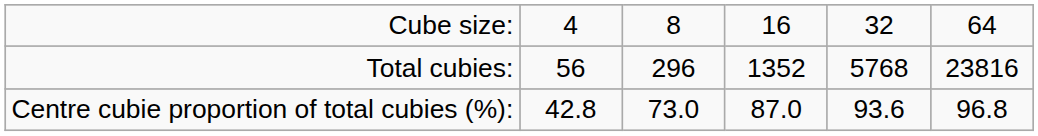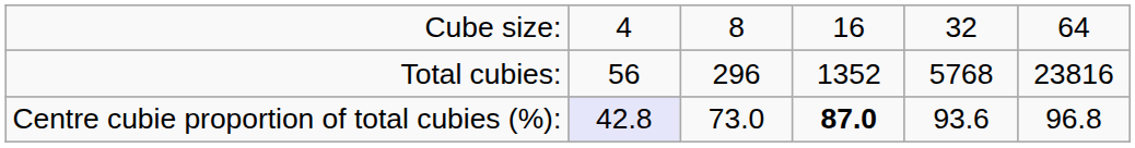 <table class="wikitable" style="margin-left:1em; text-align:center;">
 <tr>
 <td style="text-align:right">Cube size:</td>
 <td width="10%">4</td>
 <td width="10%">8</td>
 <td width="10%">16</td>
 <td width="10%">32</td>
 <td width="10%">64</td>
 </tr>
 <tr>
 <td style="text-align:right">Total cubies:</td>
 <td width="10%">56</td>
 <td width="10%">296</td>
 <td width="10%">1352</td>
 <td width="10%">5768</td>
 <td width="10%">23816</td>
 </tr>
 <tr>
 <td style="text-align:right">Centre cubie proportion of total cubies (%):</td>
-<td width="10%">42.8</td>
+<td width="10%" style="background: lavender;">42.8</td>
 <td width="10%">73.0</td>
-<td width="10%">87.0</td>
+<td width="10%"><strong>87.0</strong></td>
 <td width="10%">93.6</td>
 <td width="10%">96.8</td>
 </tr>
 </table>
